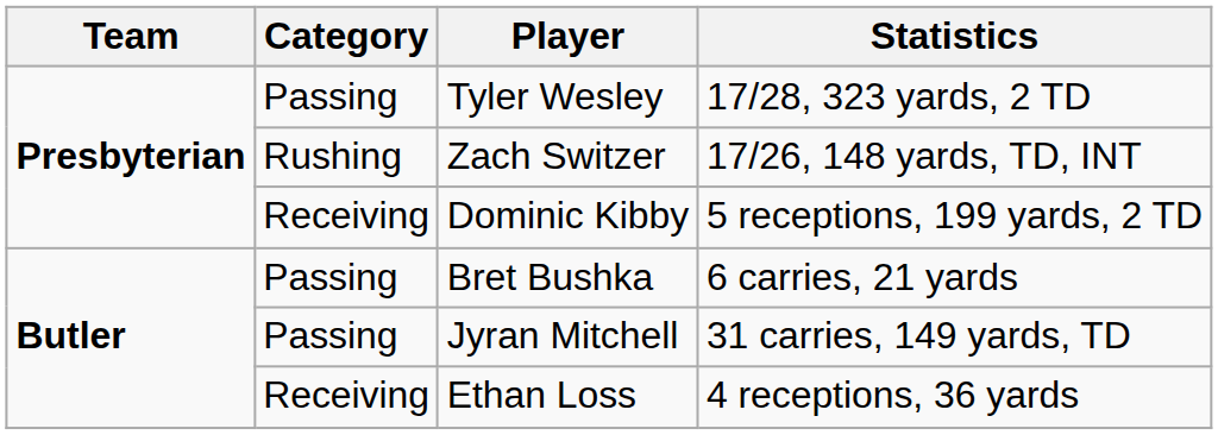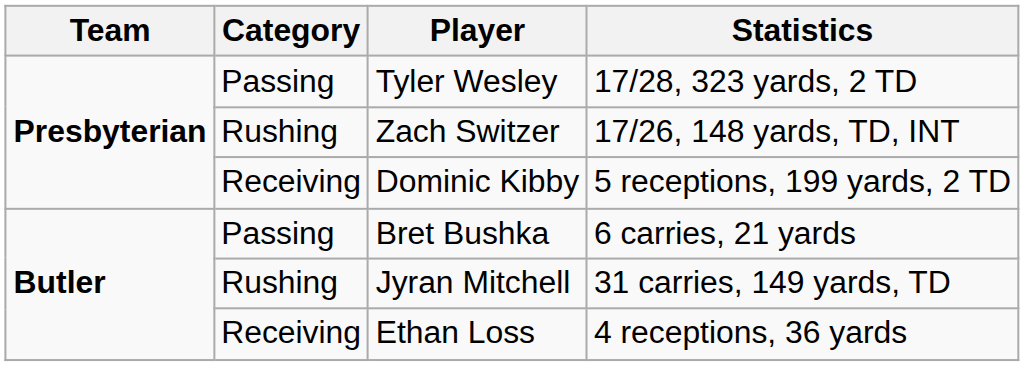 <table class="wikitable" style="float: right;">
 <tr>
 <th>Team</th>
 <th>Category</th>
 <th>Player</th>
 <th>Statistics</th>
 </tr>
 <tr>
 <td rowspan=3><strong>Presbyterian</strong></td>
 <td>Passing</td>
 <td>Tyler Wesley</td>
 <td>17/28, 323 yards, 2 TD</td>
 </tr>
 <tr>
 <td>Rushing</td>
 <td>Zach Switzer</td>
 <td>17/26, 148 yards, TD, INT</td>
 </tr>
 <tr>
 <td>Receiving</td>
 <td>Dominic Kibby</td>
 <td>5 receptions, 199 yards, 2 TD</td>
 </tr>
 <tr>
 <td rowspan=3><strong>Butler</strong></td>
 <td>Passing</td>
 <td>Bret Bushka</td>
 <td>6 carries, 21 yards</td>
 </tr>
 <tr>
-<td>Passing</td>
+<td>Rushing</td>
 <td>Jyran Mitchell</td>
 <td>31 carries, 149 yards, TD</td>
 </tr>
 <tr>
 <td>Receiving</td>
 <td>Ethan Loss</td>
 <td>4 receptions, 36 yards</td>
 </tr>
 </table>
